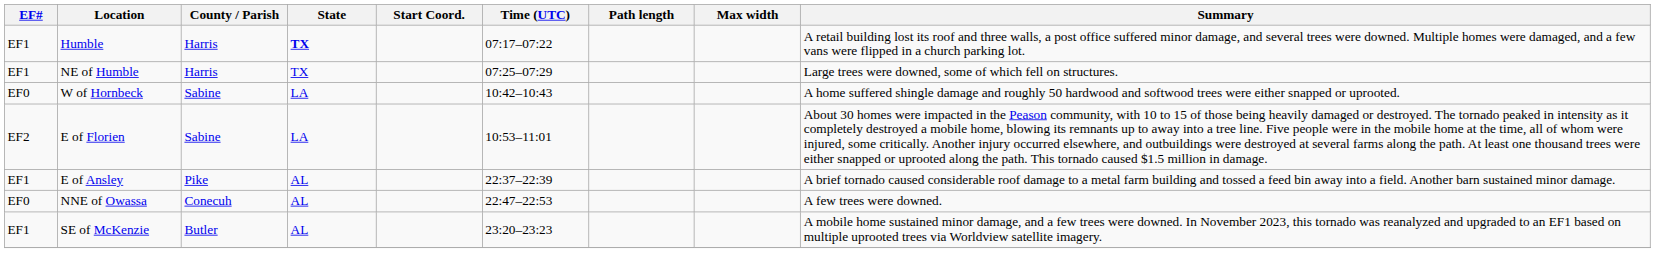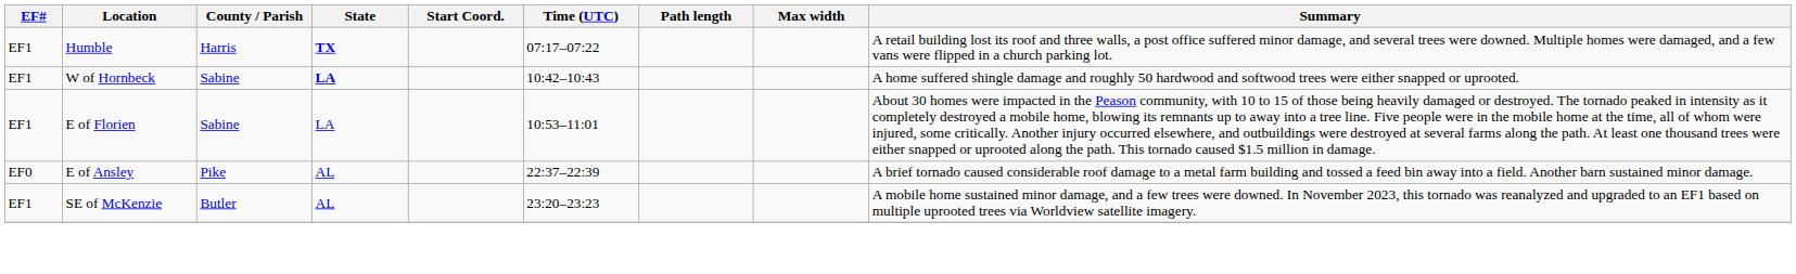 <table class="wikitable sortable" style="width:100%;">
 <tr>
 <th scope="col"  style="width:3%; text-align:center;"><a href='#'>EF#</a></th>
 <th scope="col"  style="width:7%; text-align:center;" class="unsortable">Location</th>
 <th scope="col"  style="width:6%; text-align:center;" class="unsortable">County / Parish</th>
 <th scope="col"  style="width:5%; text-align:center;">State</th>
 <th scope="col"  style="width:6%; text-align:center;">Start Coord.</th>
 <th scope="col"  style="width:6%; text-align:center;">Time (<a href='#'>UTC</a>)</th>
 <th scope="col"  style="width:6%; text-align:center;">Path length</th>
 <th scope="col"  style="width:6%; text-align:center;">Max width</th>
 <th scope="col" class="unsortable" style="width:48%; text-align:center;">Summary</th>
 </tr>
 <tr>
 <td>EF1</td>
 <td><a href='#'>Humble</a></td>
 <td><a href='#'>Harris</a></td>
 <td><strong><a href='#'>TX</a></strong></td>
 <td></td>
 <td>07:17–07:22</td>
 <td></td>
 <td></td>
 <td>A retail building lost its roof and three walls, a post office suffered minor damage, and several trees were downed. Multiple homes were damaged, and a few vans were flipped in a church parking lot.</td>
 </tr>
 <tr>
 <td>EF1</td>
-<td>NE of <a href='#'>Humble</a></td>
-<td><a href='#'>Harris</a></td>
-<td><a href='#'>TX</a></td>
-<td></td>
-<td>07:25–07:29</td>
-<td></td>
-<td></td>
-<td>Large trees were downed, some of which fell on structures.</td>
-</tr>
-<tr>
-<td>EF0</td>
 <td>W of <a href='#'>Hornbeck</a></td>
 <td><a href='#'>Sabine</a></td>
-<td><a href='#'>LA</a></td>
+<td><strong><a href='#'>LA</a></strong></td>
 <td></td>
 <td>10:42–10:43</td>
 <td></td>
 <td></td>
 <td>A home suffered shingle damage and roughly 50 hardwood and softwood trees were either snapped or uprooted.</td>
 </tr>
 <tr>
-<td>EF2</td>
+<td>EF1</td>
 <td>E of <a href='#'>Florien</a></td>
 <td><a href='#'>Sabine</a></td>
 <td><a href='#'>LA</a></td>
 <td></td>
 <td>10:53–11:01</td>
 <td></td>
 <td></td>
 <td>About 30 homes were impacted in the <a href='#'>Peason</a> community, with 10 to 15 of those being heavily damaged or destroyed. The tornado peaked in intensity as it completely destroyed a mobile home, blowing its remnants up to  away into a tree line. Five people were in the mobile home at the time, all of whom were injured, some critically. Another injury occurred elsewhere, and outbuildings were destroyed at several farms along the path. At least one thousand trees were either snapped or uprooted along the path. This tornado caused $1.5 million in damage.</td>
 </tr>
 <tr>
-<td>EF1</td>
+<td>EF0</td>
 <td>E of <a href='#'>Ansley</a></td>
 <td><a href='#'>Pike</a></td>
 <td><a href='#'>AL</a></td>
 <td></td>
 <td>22:37–22:39</td>
 <td></td>
 <td></td>
 <td>A brief tornado caused considerable roof damage to a metal farm building and tossed a feed bin  away into a field. Another barn sustained minor damage.</td>
-</tr>
-<tr>
-<td>EF0</td>
-<td>NNE of <a href='#'>Owassa</a></td>
-<td><a href='#'>Conecuh</a></td>
-<td><a href='#'>AL</a></td>
-<td></td>
-<td>22:47–22:53</td>
-<td></td>
-<td></td>
-<td>A few trees were downed.</td>
 </tr>
 <tr>
 <td>EF1</td>
 <td>SE of <a href='#'>McKenzie</a></td>
 <td><a href='#'>Butler</a></td>
 <td><a href='#'>AL</a></td>
 <td></td>
 <td>23:20–23:23</td>
 <td></td>
 <td></td>
 <td>A mobile home sustained minor damage, and a few trees were downed. In November 2023, this tornado was reanalyzed and upgraded to an EF1 based on multiple uprooted trees via Worldview satellite imagery.</td>
 </tr>
 <tr>
 </tr>
 </table>
